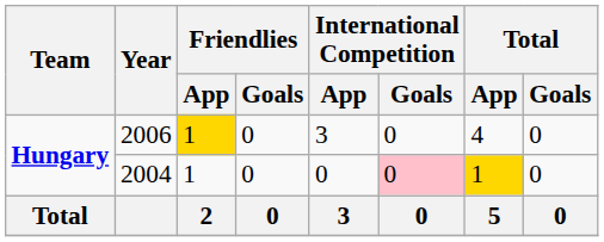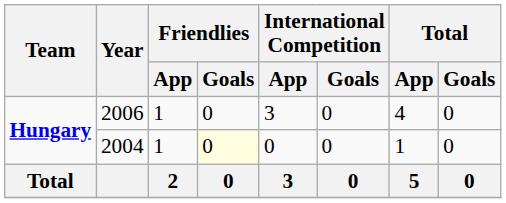 <table class="wikitable">
 <tr>
 <th rowspan=2>Team</th>
 <th rowspan=2>Year</th>
 <th colspan=2>Friendlies</th>
 <th colspan=2>International<br>Competition</th>
 <th colspan=2>Total</th>
 </tr>
 <tr>
 <th>App</th>
 <th>Goals</th>
 <th>App</th>
 <th>Goals</th>
 <th>App</th>
 <th>Goals</th>
 </tr>
 <tr>
 <td rowspan=2 align=center valign=center><strong><a href='#'>Hungary</a></strong></td>
 <td>2006</td>
-<td style="background: gold;">1</td>
+<td>1</td>
 <td>0</td>
 <td>3</td>
 <td>0</td>
 <td>4</td>
 <td>0</td>
 </tr>
 <tr>
 <td>2004</td>
 <td>1</td>
+<td style="background: lightyellow;">0</td>
 <td>0</td>
 <td>0</td>
-<td style="background: pink;">0</td>
-<td style="background: gold;">1</td>
+<td>1</td>
 <td>0</td>
 </tr>
 <tr>
 <th align=left>Total</th>
 <th align=left colspan=1></th>
 <th align=left>2</th>
 <th align=left>0</th>
 <th align=left>3</th>
 <th align=left>0</th>
 <th align=left>5</th>
 <th align=left>0</th>
 </tr>
 <tr>
 </tr>
 </table>
